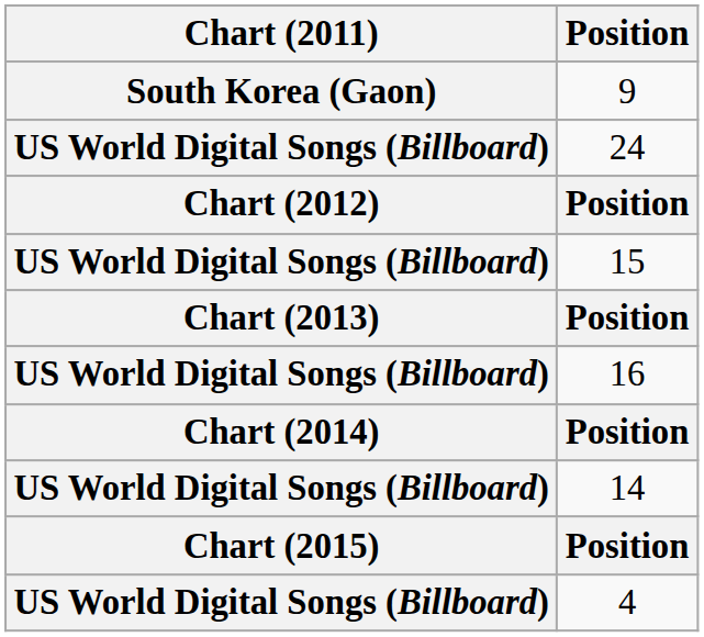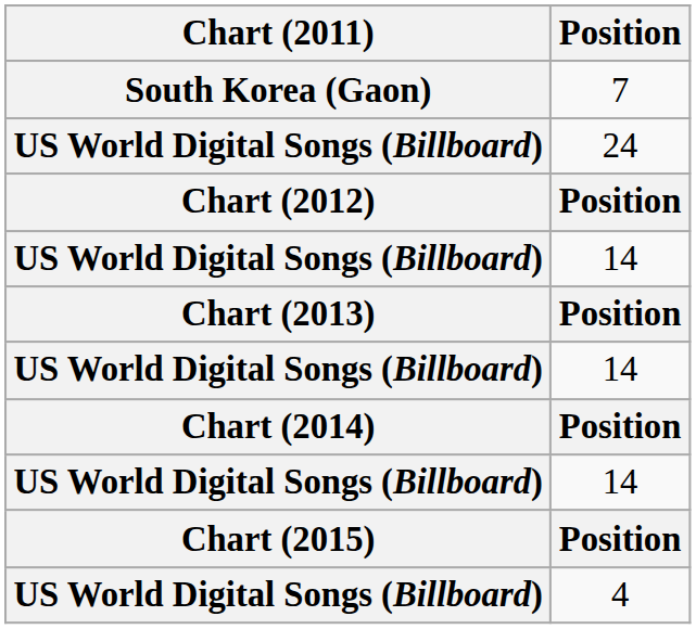 <table class="wikitable plainrowheaders" style="text-align:center;">
 <tr>
 <th>Chart (2011)</th>
 <th>Position</th>
 </tr>
 <tr>
 <th scope="row">South Korea (Gaon)</th>
-<td>9</td>
+<td>7</td>
 </tr>
 <tr>
 <th scope="row">US World Digital Songs (<em>Billboard</em>)</th>
 <td>24</td>
 </tr>
 <tr>
 <th>Chart (2012)</th>
 <th>Position</th>
 </tr>
 <tr>
 <th scope="row">US World Digital Songs (<em>Billboard</em>)</th>
-<td>15</td>
+<td>14</td>
 </tr>
 <tr>
 <th>Chart (2013)</th>
 <th>Position</th>
 </tr>
 <tr>
 <th scope="row">US World Digital Songs (<em>Billboard</em>)</th>
-<td>16</td>
+<td>14</td>
 </tr>
 <tr>
 <th>Chart (2014)</th>
 <th>Position</th>
 </tr>
 <tr>
 <th scope="row">US World Digital Songs (<em>Billboard</em>)</th>
 <td>14</td>
 </tr>
 <tr>
 <th>Chart (2015)</th>
 <th>Position</th>
 </tr>
 <tr>
 <th scope="row">US World Digital Songs (<em>Billboard</em>)</th>
 <td>4</td>
 </tr>
 </table>
